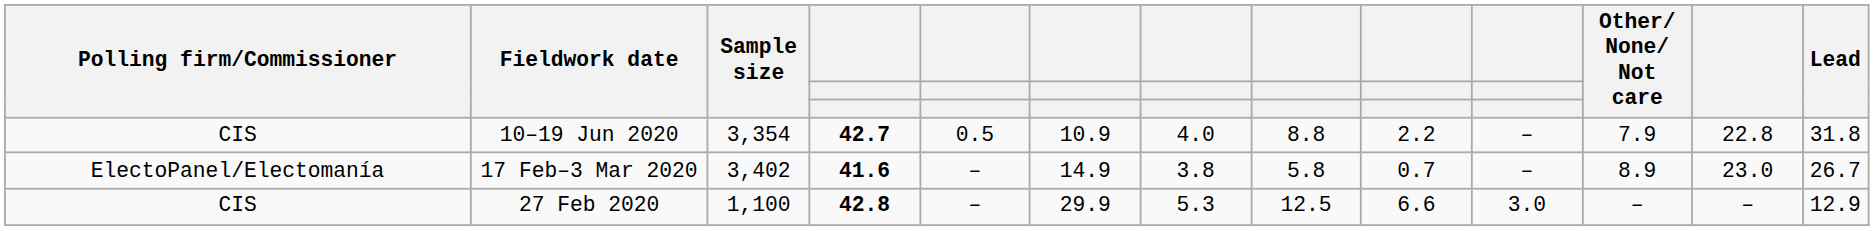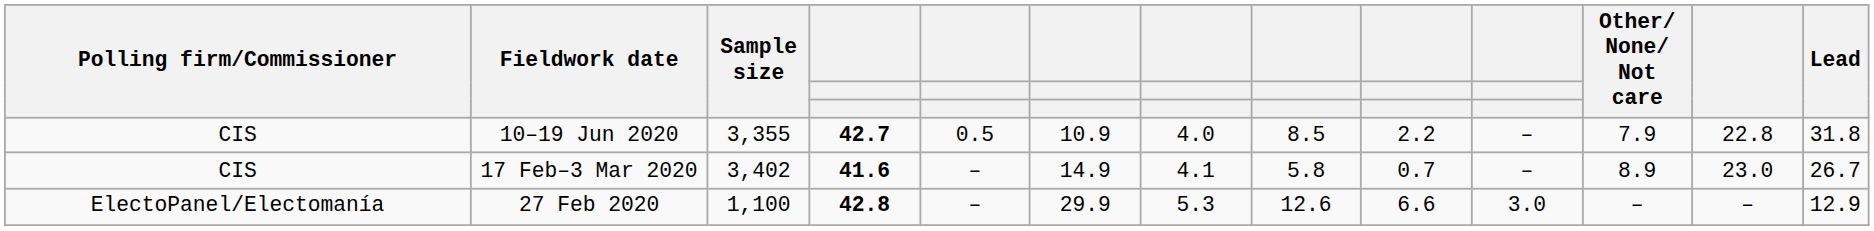 <table class="wikitable collapsible collapsed" style="text-align:center; font-size:90%; line-height:14px;">
 <tr style="height:42px;">
 <th style="width:250px;" rowspan="3">Polling firm/Commissioner</th>
 <th style="width:125px;" rowspan="3">Fieldwork date</th>
 <th style="width:50px;" rowspan="3">Sample size</th>
 <th style="width:55px;"></th>
 <th style="width:55px;"></th>
 <th style="width:55px;"></th>
 <th style="width:55px;"></th>
 <th style="width:55px;"></th>
 <th style="width:55px;"></th>
 <th style="width:55px;"></th>
 <th style="width:55px;" rowspan="3">Other/<br>None/<br>Not<br>care</th>
 <th style="width:55px;" rowspan="3"></th>
 <th style="width:30px;" rowspan="3">Lead</th>
 </tr>
 <tr>
 <th style="color:inherit;background:"></th>
 <th style="color:inherit;background:"></th>
 <th style="color:inherit;background:"></th>
 <th style="color:inherit;background:"></th>
 <th style="color:inherit;background:"></th>
 <th style="color:inherit;background:"></th>
 <th style="color:inherit;background:"></th>
 </tr>
 <tr>
 <th></th>
 <th></th>
 <th></th>
 <th></th>
 <th></th>
 <th></th>
 <th></th>
 </tr>
 <tr>
 <td>CIS</td>
 <td>10–19 Jun 2020</td>
-<td>3,354</td>
+<td>3,355</td>
 <td><strong>42.7</strong></td>
 <td>0.5</td>
 <td>10.9</td>
 <td>4.0</td>
-<td>8.8</td>
+<td>8.5</td>
 <td>2.2</td>
 <td>–</td>
 <td>7.9</td>
 <td>22.8</td>
 <td style="background:">31.8</td>
 </tr>
 <tr>
-<td>ElectoPanel/Electomanía</td>
+<td>CIS</td>
 <td>17 Feb–3 Mar 2020</td>
 <td>3,402</td>
 <td><strong>41.6</strong></td>
 <td>–</td>
 <td>14.9</td>
-<td>3.8</td>
+<td>4.1</td>
 <td>5.8</td>
 <td>0.7</td>
 <td>–</td>
 <td>8.9</td>
 <td>23.0</td>
 <td style="background:">26.7</td>
 </tr>
 <tr>
-<td>CIS</td>
+<td>ElectoPanel/Electomanía</td>
 <td>27 Feb 2020</td>
 <td>1,100</td>
 <td><strong>42.8</strong></td>
 <td>–</td>
 <td>29.9</td>
 <td>5.3</td>
-<td>12.5</td>
+<td>12.6</td>
 <td>6.6</td>
 <td>3.0</td>
 <td>–</td>
 <td>–</td>
 <td style="background:">12.9</td>
 </tr>
 </table>
